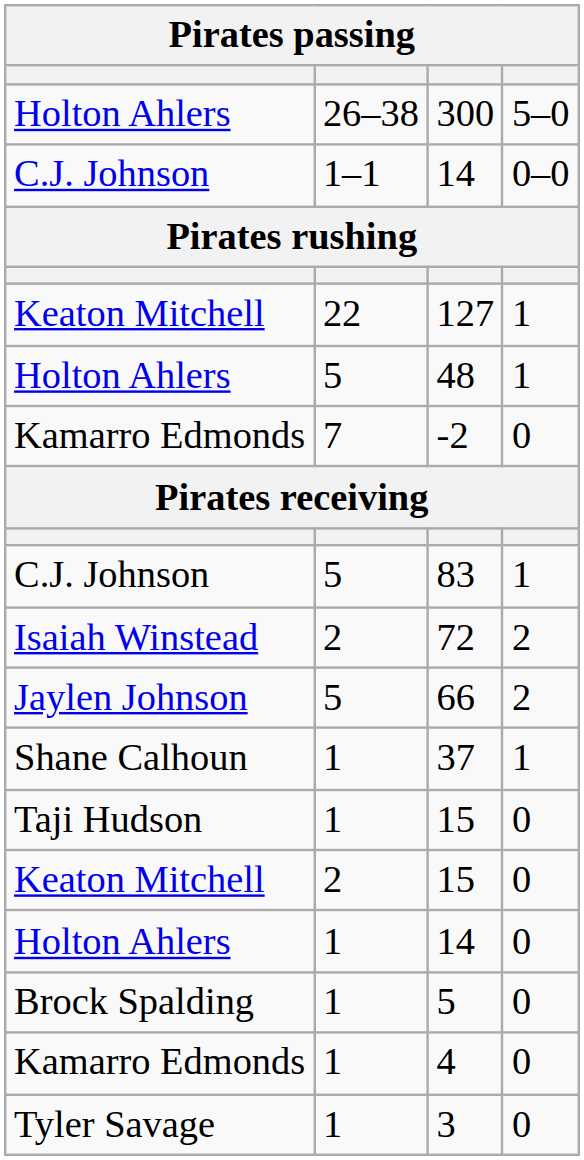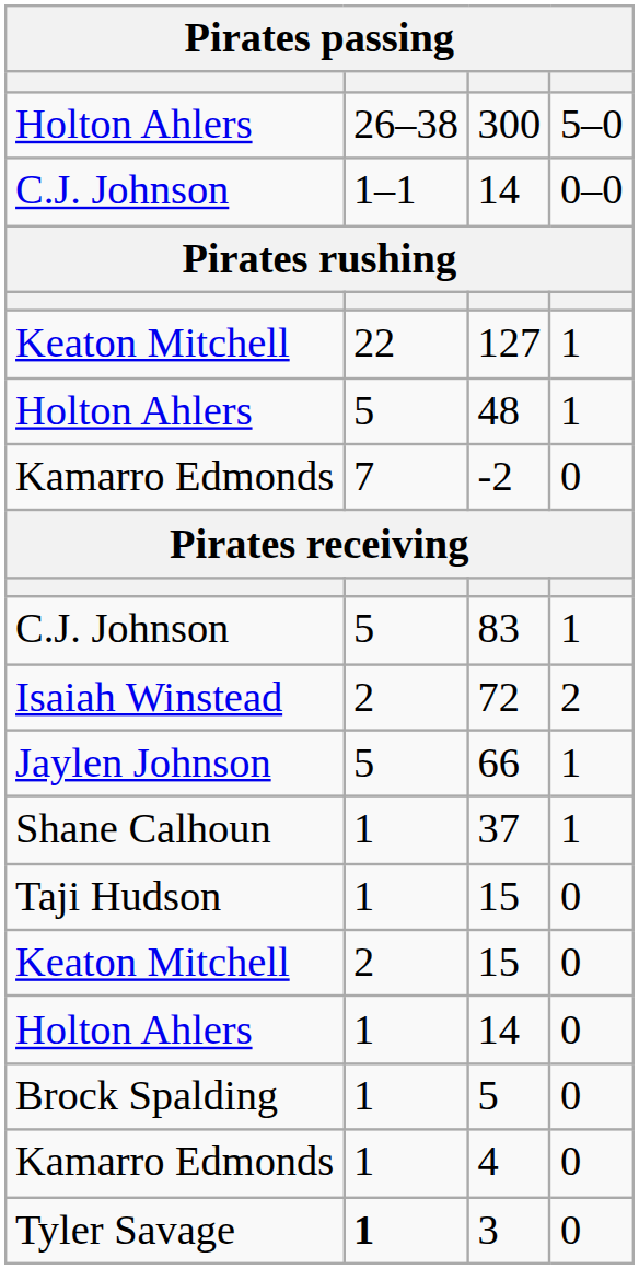 <table class="wikitable plainrowheaders">
 <tr>
 <th colspan="6">Pirates passing</th>
 </tr>
 <tr>
 <th scope="col"></th>
 <th scope="col"></th>
 <th scope="col"></th>
 <th scope="col"></th>
 </tr>
 <tr>
 <td><a href='#'>Holton Ahlers</a></td>
 <td>26–38</td>
 <td>300</td>
 <td>5–0</td>
 </tr>
 <tr>
 <td><a href='#'>C.J. Johnson</a></td>
 <td>1–1</td>
 <td>14</td>
 <td>0–0</td>
 </tr>
 <tr>
 <th colspan="6">Pirates rushing</th>
 </tr>
 <tr>
 <th scope="col"></th>
 <th scope="col"></th>
 <th scope="col"></th>
 <th scope="col"></th>
 </tr>
 <tr>
 <td><a href='#'>Keaton Mitchell</a></td>
 <td>22</td>
 <td>127</td>
 <td>1</td>
 </tr>
 <tr>
 <td><a href='#'>Holton Ahlers</a></td>
 <td>5</td>
 <td>48</td>
 <td>1</td>
 </tr>
 <tr>
 <td>Kamarro Edmonds</td>
 <td>7</td>
 <td>-2</td>
 <td>0</td>
 </tr>
 <tr>
 <th colspan="6">Pirates receiving</th>
 </tr>
 <tr>
 <th scope="col"></th>
 <th scope="col"></th>
 <th scope="col"></th>
 <th scope="col"></th>
 </tr>
 <tr>
 <td>C.J. Johnson</td>
 <td>5</td>
 <td>83</td>
 <td>1</td>
 </tr>
 <tr>
 <td><a href='#'>Isaiah Winstead</a></td>
 <td>2</td>
 <td>72</td>
 <td>2</td>
 </tr>
 <tr>
 <td><a href='#'>Jaylen Johnson</a></td>
 <td>5</td>
 <td>66</td>
-<td>2</td>
+<td>1</td>
 </tr>
 <tr>
 <td>Shane Calhoun</td>
 <td>1</td>
 <td>37</td>
 <td>1</td>
 </tr>
 <tr>
 <td>Taji Hudson</td>
 <td>1</td>
 <td>15</td>
 <td>0</td>
 </tr>
 <tr>
 <td><a href='#'>Keaton Mitchell</a></td>
 <td>2</td>
 <td>15</td>
 <td>0</td>
 </tr>
 <tr>
 <td><a href='#'>Holton Ahlers</a></td>
 <td>1</td>
 <td>14</td>
 <td>0</td>
 </tr>
 <tr>
 <td>Brock Spalding</td>
 <td>1</td>
 <td>5</td>
 <td>0</td>
 </tr>
 <tr>
 <td>Kamarro Edmonds</td>
 <td>1</td>
 <td>4</td>
 <td>0</td>
 </tr>
 <tr>
 <td>Tyler Savage</td>
-<td>1</td>
+<td><strong>1</strong></td>
 <td>3</td>
 <td>0</td>
 </tr>
 </table>
